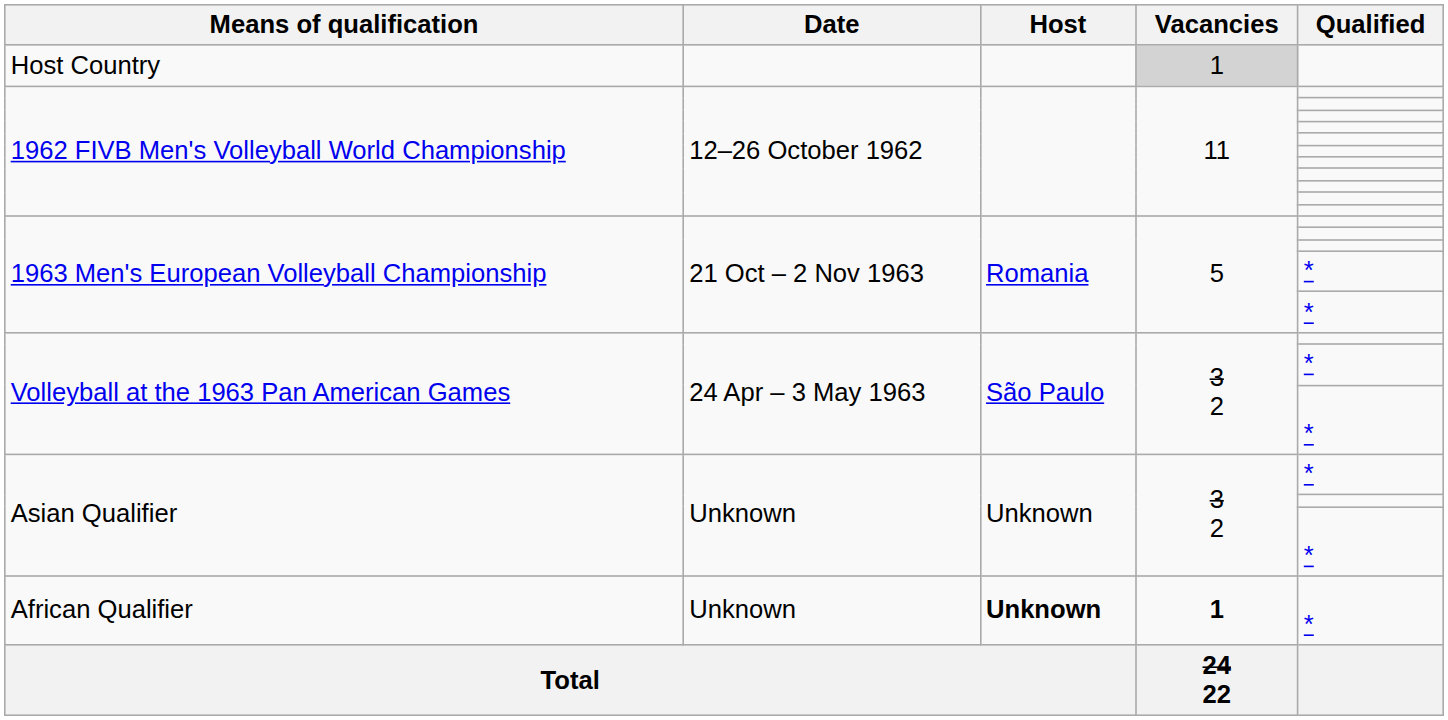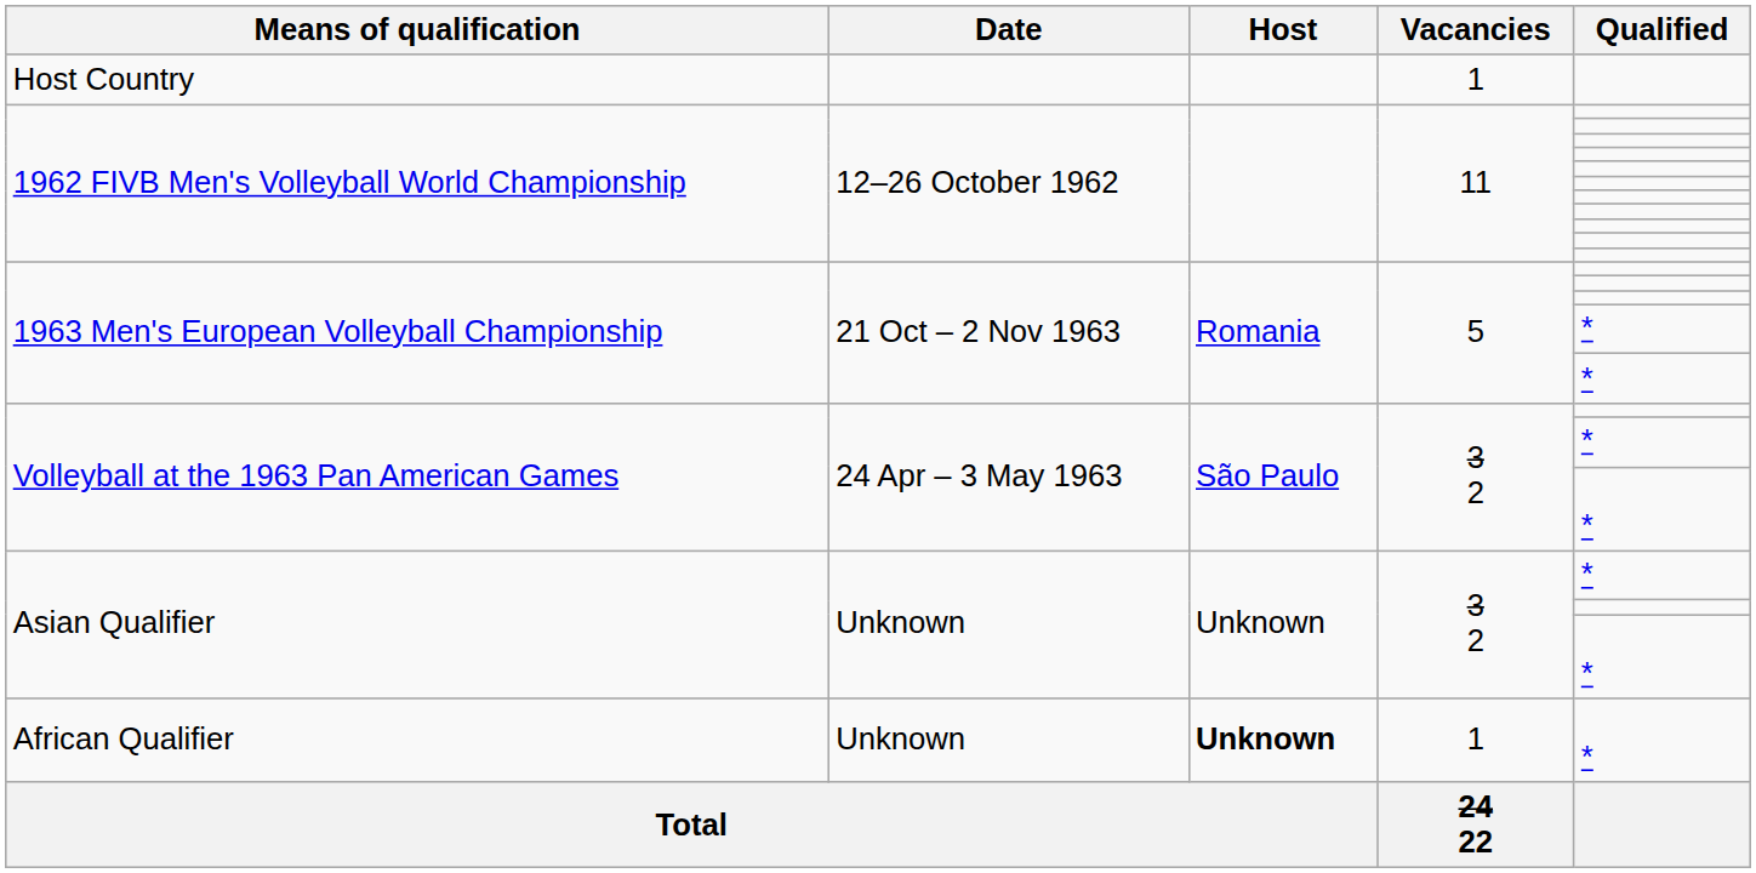 <table class="wikitable" width=900>
 <tr>
 <th>Means of qualification</th>
 <th>Date</th>
 <th>Host</th>
 <th>Vacancies</th>
 <th>Qualified</th>
 </tr>
 <tr>
 <td>Host Country</td>
 <td></td>
 <td></td>
-<td align=center style="background: lightgrey;">1</td>
+<td align=center>1</td>
 <td></td>
 </tr>
 <tr>
 <td rowspan=11><a href='#'>1962 FIVB Men's Volleyball World Championship</a></td>
 <td rowspan=11>12–26 October 1962</td>
 <td rowspan=11></td>
 <td rowspan=11 align=center>11</td>
 <td></td>
 </tr>
 <tr>
 <td></td>
 </tr>
 <tr>
 <td></td>
 </tr>
 <tr>
 <td></td>
 </tr>
 <tr>
 <td></td>
 </tr>
 <tr>
 <td></td>
 </tr>
 <tr>
 <td></td>
 </tr>
 <tr>
 <td></td>
 </tr>
 <tr>
 <td></td>
 </tr>
 <tr>
 <td></td>
 </tr>
 <tr>
 <td></td>
 </tr>
 <tr>
 <td rowspan=5><a href='#'>1963 Men's European Volleyball Championship</a></td>
 <td rowspan=5>21 Oct – 2 Nov 1963</td>
 <td rowspan=5> <a href='#'>Romania</a></td>
 <td rowspan=5 align=center>5</td>
 <td></td>
 </tr>
 <tr>
 <td></td>
 </tr>
 <tr>
 <td></td>
 </tr>
 <tr>
 <td><a href='#'>*</a></td>
 </tr>
 <tr>
 <td><a href='#'>*</a></td>
 </tr>
 <tr>
 <td rowspan=3><a href='#'>Volleyball at the 1963 Pan American Games</a></td>
 <td rowspan=3>24 Apr – 3 May 1963</td>
 <td rowspan=3> <a href='#'>São Paulo</a></td>
 <td rowspan=3 align=center><s>3</s><br>2</td>
 <td></td>
 </tr>
 <tr>
 <td><s></s><a href='#'>*</a></td>
 </tr>
 <tr>
 <td><s></s><br><a href='#'>*</a></td>
 </tr>
 <tr>
 <td rowspan=3>Asian Qualifier</td>
 <td rowspan=3>Unknown</td>
 <td rowspan=3>Unknown</td>
 <td rowspan=3 align=center><s>3</s><br>2</td>
 <td><s></s><a href='#'>*</a></td>
 </tr>
 <tr>
 <td></td>
 </tr>
 <tr>
 <td><s></s><br><a href='#'>*</a></td>
 </tr>
 <tr>
 <td>African Qualifier</td>
 <td>Unknown</td>
 <td><strong>Unknown</strong></td>
-<td align=center><strong>1</strong></td>
+<td align=center>1</td>
 <td><s></s><br><a href='#'>*</a></td>
 </tr>
 <tr>
 <th colspan="3">Total</th>
 <th><s>24</s><br>22</th>
 <th></th>
 </tr>
 </table>
